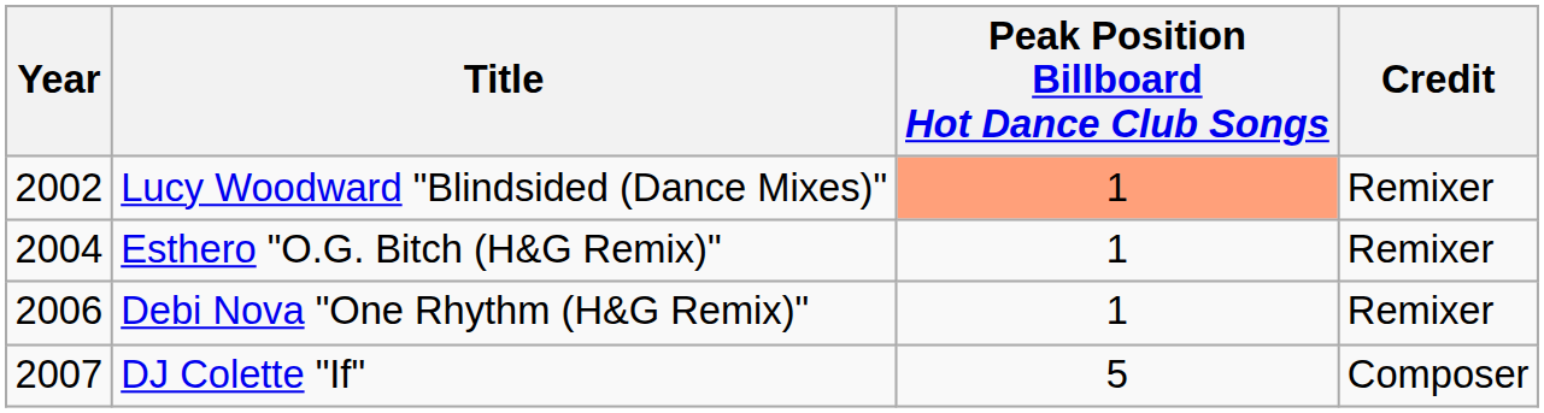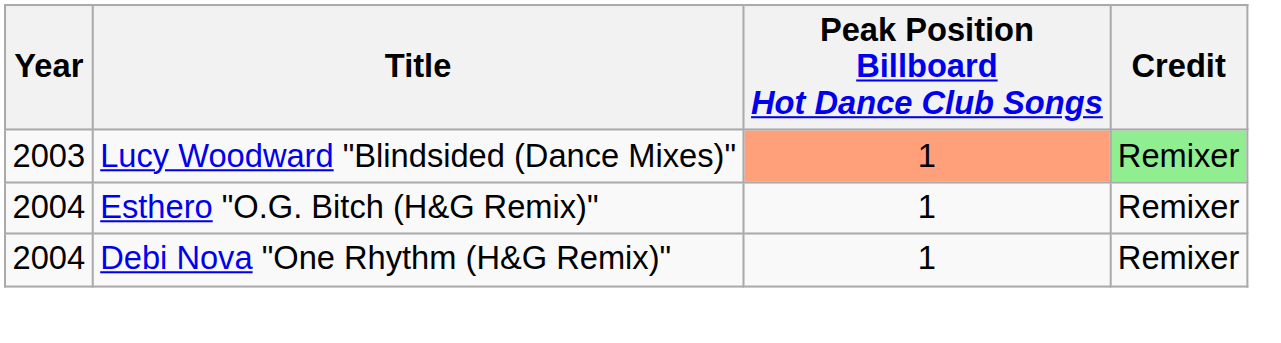 <table class="wikitable">
 <tr>
 <th scope="col">Year</th>
 <th scope="col">Title</th>
 <th scope="col">Peak Position<br><a href='#'>Billboard</a> <br><em><a href='#'>Hot Dance Club Songs</a></em></th>
 <th scope="col">Credit</th>
 </tr>
 <tr>
-<td>2002</td>
+<td>2003</td>
 <td><a href='#'>Lucy Woodward</a> "Blindsided (Dance Mixes)"</td>
 <td style="background: lightsalmon; text-align:center;">1</td>
-<td>Remixer</td>
+<td style="background: lightgreen;">Remixer</td>
 </tr>
 <tr>
 <td>2004</td>
 <td><a href='#'>Esthero</a> "O.G. Bitch (H&G Remix)"</td>
 <td style="text-align:center;">1</td>
 <td>Remixer</td>
 </tr>
 <tr>
-<td>2006</td>
+<td>2004</td>
 <td><a href='#'>Debi Nova</a> "One Rhythm (H&G Remix)"</td>
 <td style="text-align:center;">1</td>
 <td>Remixer</td>
 </tr>
-<tr>
-<td>2007</td>
-<td><a href='#'>DJ Colette</a> "If"</td>
-<td style="text-align:center;">5</td>
-<td>Composer</td>
-</tr>
 </table>
